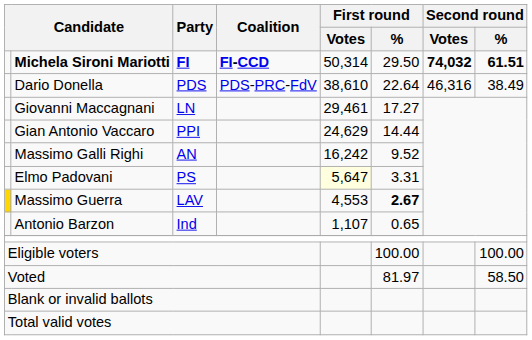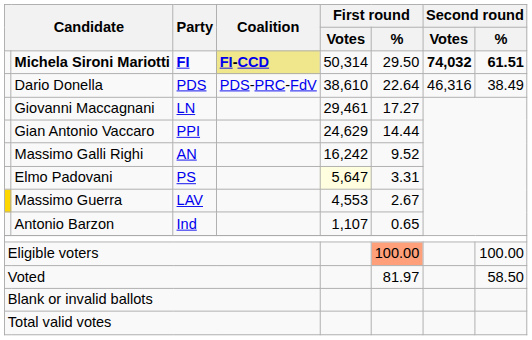 <table class="wikitable centre">
 <tr>
 <th scope="col" rowspan=2 colspan=2>Candidate</th>
 <th scope="col" rowspan=2 colspan=1>Party</th>
 <th scope="col" rowspan=2 colspan=1>Coalition</th>
 <th scope="col" colspan=2>First round</th>
 <th scope="col" colspan=2>Second round</th>
 </tr>
 <tr>
 <th scope="col">Votes</th>
 <th scope="col">%</th>
 <th scope="col">Votes</th>
 <th scope="col">%</th>
 </tr>
 <tr>
 <td></td>
 <td><strong>Michela Sironi Mariotti</strong></td>
 <td><strong><a href='#'>FI</a></strong></td>
-<td><strong><a href='#'>FI</a>-<a href='#'>CCD</a></strong></td>
+<td style="background: khaki;"><strong><a href='#'>FI</a>-<a href='#'>CCD</a></strong></td>
 <td style="text-align: right">50,314</td>
 <td style="text-align: right">29.50</td>
 <td style="text-align: right"><strong>74,032</strong></td>
 <td style="text-align: right"><strong>61.51</strong></td>
 </tr>
 <tr>
 <td></td>
 <td>Dario Donella</td>
 <td><a href='#'>PDS</a></td>
 <td><a href='#'>PDS</a>-<a href='#'>PRC</a>-<a href='#'>FdV</a></td>
 <td style="text-align: right">38,610</td>
 <td style="text-align: right">22.64</td>
 <td style="text-align: right">46,316</td>
 <td style="text-align: right">38.49</td>
 </tr>
 <tr>
 <td></td>
 <td>Giovanni Maccagnani</td>
 <td><a href='#'>LN</a></td>
 <td></td>
 <td style="text-align: right">29,461</td>
 <td style="text-align: right">17.27</td>
 </tr>
 <tr>
 <td></td>
 <td>Gian Antonio Vaccaro</td>
 <td><a href='#'>PPI</a></td>
 <td></td>
 <td style="text-align: right">24,629</td>
 <td style="text-align: right">14.44</td>
 </tr>
 <tr>
 <td></td>
 <td>Massimo Galli Righi</td>
 <td><a href='#'>AN</a></td>
 <td></td>
 <td style="text-align: right">16,242</td>
 <td style="text-align: right">9.52</td>
 </tr>
 <tr>
 <td></td>
 <td>Elmo Padovani</td>
 <td><a href='#'>PS</a></td>
 <td></td>
 <td style="background: lightyellow; text-align: right">5,647</td>
 <td style="text-align: right">3.31</td>
 </tr>
 <tr>
 <td bgcolor="gold"></td>
 <td>Massimo Guerra</td>
 <td><a href='#'>LAV</a></td>
 <td></td>
 <td style="text-align: right">4,553</td>
-<td style="text-align: right"><strong>2.67</strong></td>
+<td style="text-align: right">2.67</td>
 </tr>
 <tr>
 <td bgcolor=""></td>
 <td>Antonio Barzon</td>
 <td><a href='#'>Ind</a></td>
 <td></td>
 <td style="text-align: right">1,107</td>
 <td style="text-align: right">0.65</td>
 </tr>
 <tr>
 </tr>
 <tr bgcolor=white>
 <td colspan=8></td>
 </tr>
 <tr>
 <td colspan=4>Eligible voters</td>
 <td style="text-align: right"></td>
-<td style="text-align: right">100.00</td>
+<td style="background: lightsalmon; text-align: right">100.00</td>
 <td style="text-align: right"></td>
 <td style="text-align: right">100.00</td>
 </tr>
 <tr>
 <td colspan=4>Voted</td>
 <td style="text-align: right"></td>
 <td style="text-align: right">81.97</td>
 <td style="text-align: right"></td>
 <td style="text-align: right">58.50</td>
 </tr>
 <tr>
 <td colspan=4>Blank or invalid ballots</td>
 <td style="text-align: right"></td>
 <td style="text-align: right"></td>
 <td style="text-align: right"></td>
 <td style="text-align: right"></td>
 </tr>
 <tr>
 <td colspan=4>Total valid votes</td>
 <td style="text-align: right"></td>
 <td style="text-align: right"></td>
 <td style="text-align: right"></td>
 <td style="text-align: right"></td>
 </tr>
 </table>
